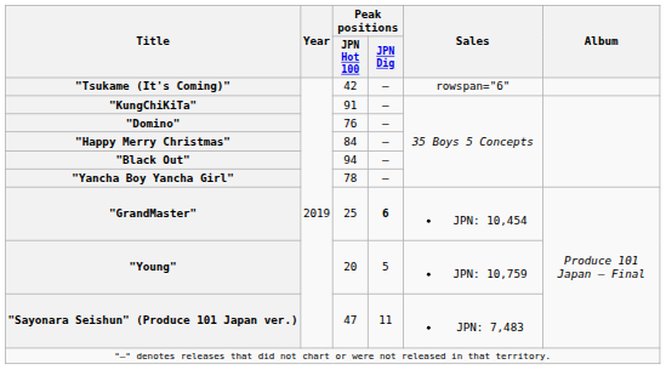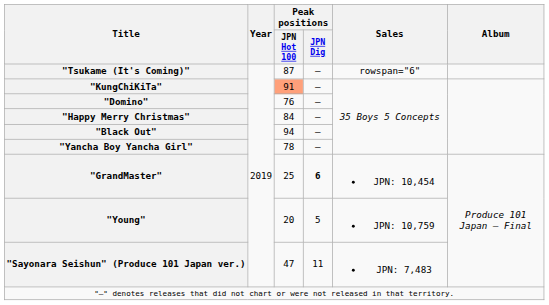 <table class="wikitable plainrowheaders" style="text-align:center;">
 <tr>
 <th rowspan=2>Title</th>
 <th rowspan=2>Year</th>
 <th scope="col" colspan="2">Peak positions</th>
 <th rowspan=2 style="width:12em;">Sales</th>
 <th rowspan=2 style="width:10em;">Album</th>
 </tr>
 <tr>
 <th scope="col" style="width:3em;font-size:90%;">JPN<br><a href='#'>Hot 100</a><br></th>
 <th scope="col" style="width:3em;font-size:90%;"><a href='#'>JPN Dig</a><br></th>
 </tr>
 <tr>
 <th scope="row">"Tsukame (It's Coming)"</th>
 <td rowspan="9">2019</td>
-<td>42</td>
+<td>87</td>
 <td>—</td>
 <td>rowspan="6" </td>
 <td></td>
 </tr>
 <tr>
 <th scope="row">"KungChiKiTa"</th>
-<td>91</td>
+<td style="background: lightsalmon;">91</td>
 <td>—</td>
 <td rowspan="5"><em>35 Boys 5 Concepts</em></td>
 </tr>
 <tr>
 <th scope="row">"Domino"</th>
 <td>76</td>
 <td>—</td>
 </tr>
 <tr>
 <th scope="row">"Happy Merry Christmas"</th>
 <td>84</td>
 <td>—</td>
 </tr>
 <tr>
 <th scope="row">"Black Out"</th>
 <td>94</td>
 <td>—</td>
 </tr>
 <tr>
 <th scope="row">"Yancha Boy Yancha Girl"</th>
 <td>78</td>
 <td>—</td>
 </tr>
 <tr>
 <th scope="row">"GrandMaster"</th>
 <td>25</td>
 <td><strong>6</strong></td>
 <td><br><ul><li>JPN: 10,454</li></ul></td>
 <td rowspan="3"><em>Produce 101 Japan — Final</em></td>
 </tr>
 <tr>
 <th scope="row">"Young"</th>
 <td>20</td>
 <td>5</td>
 <td><br><ul><li>JPN: 10,759</li></ul></td>
 </tr>
 <tr>
 <th scope="row">"Sayonara Seishun" (Produce 101 Japan ver.)</th>
 <td>47</td>
 <td>11</td>
 <td><br><ul><li>JPN: 7,483</li></ul></td>
 </tr>
 <tr>
 <td colspan="16" align="center" style="font-size:8pt">"—" denotes releases that did not chart or were not released in that territory.</td>
 </tr>
 </table>
